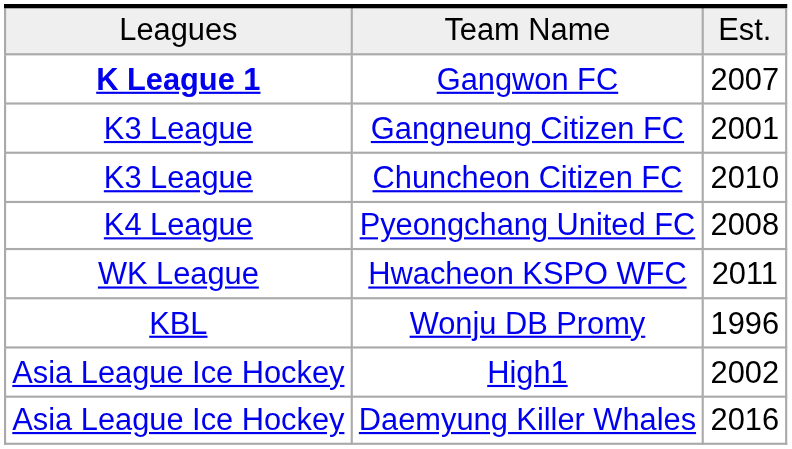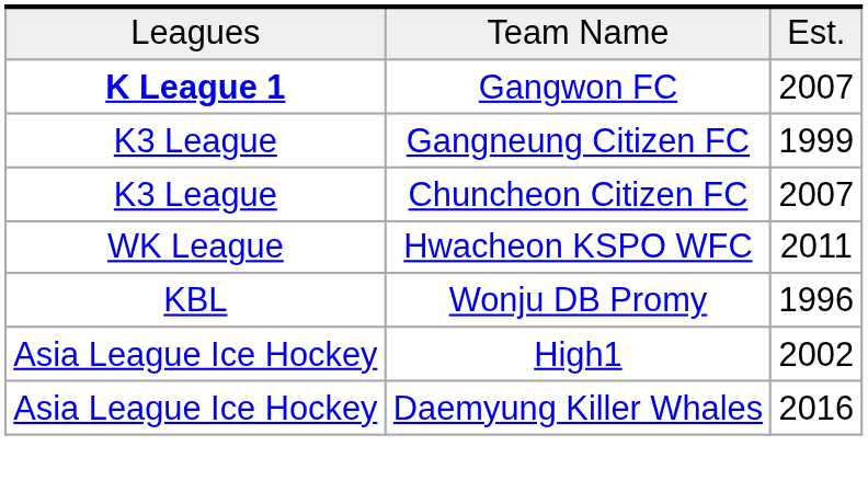 <table class="wikitable" style="font-size:90%;text-align:center;background:transparent">
 <tr style="border-bottom:solid 2px">
 </tr>
 <tr bgcolor="#efefef">
 <td>Leagues</td>
 <td>Team Name</td>
 <td>Est.</td>
 </tr>
 <tr>
 <td><strong><a href='#'>K League 1</a></strong></td>
 <td><a href='#'>Gangwon FC</a></td>
 <td>2007</td>
 </tr>
 <tr>
 <td><a href='#'>K3 League</a></td>
 <td><a href='#'>Gangneung Citizen FC</a></td>
-<td>2001</td>
+<td>1999</td>
 </tr>
 <tr>
 <td><a href='#'>K3 League</a></td>
 <td><a href='#'>Chuncheon Citizen FC</a></td>
-<td>2010</td>
-</tr>
-<tr>
-<td><a href='#'>K4 League</a></td>
-<td><a href='#'>Pyeongchang United FC</a></td>
-<td>2008</td>
+<td>2007</td>
 </tr>
 <tr>
 <td><a href='#'>WK League</a></td>
 <td><a href='#'>Hwacheon KSPO WFC</a></td>
 <td>2011</td>
 </tr>
 <tr>
 <td><a href='#'>KBL</a></td>
 <td><a href='#'>Wonju DB Promy</a></td>
 <td>1996</td>
 </tr>
 <tr>
 <td><a href='#'>Asia League Ice Hockey</a></td>
 <td><a href='#'>High1</a></td>
 <td>2002</td>
 </tr>
 <tr>
 <td><a href='#'>Asia League Ice Hockey</a></td>
 <td><a href='#'>Daemyung Killer Whales</a></td>
 <td>2016</td>
 </tr>
 </table>
